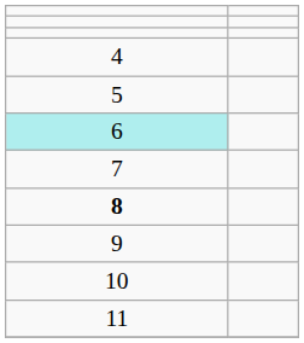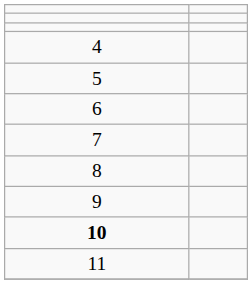 <table class="wikitable" width="200px">
 <tr>
 <td align=center></td>
 <td></td>
 </tr>
 <tr>
 <td align=center></td>
 <td></td>
 </tr>
 <tr>
 <td align=center></td>
 <td></td>
 </tr>
 <tr>
 <td align=center>4</td>
 <td></td>
 </tr>
 <tr>
 <td align=center>5</td>
 <td></td>
 </tr>
 <tr>
-<td align=center style="background: paleturquoise;">6</td>
+<td align=center>6</td>
 <td></td>
 </tr>
 <tr>
 <td align=center>7</td>
 <td></td>
 </tr>
 <tr>
-<td align=center><strong>8</strong></td>
+<td align=center>8</td>
 <td></td>
 </tr>
 <tr>
 <td align=center>9</td>
 <td></td>
 </tr>
 <tr>
-<td align=center>10</td>
+<td align=center><strong>10</strong></td>
 <td></td>
 </tr>
 <tr>
 <td align=center>11</td>
 <td></td>
 </tr>
 <tr>
 </tr>
 </table>
